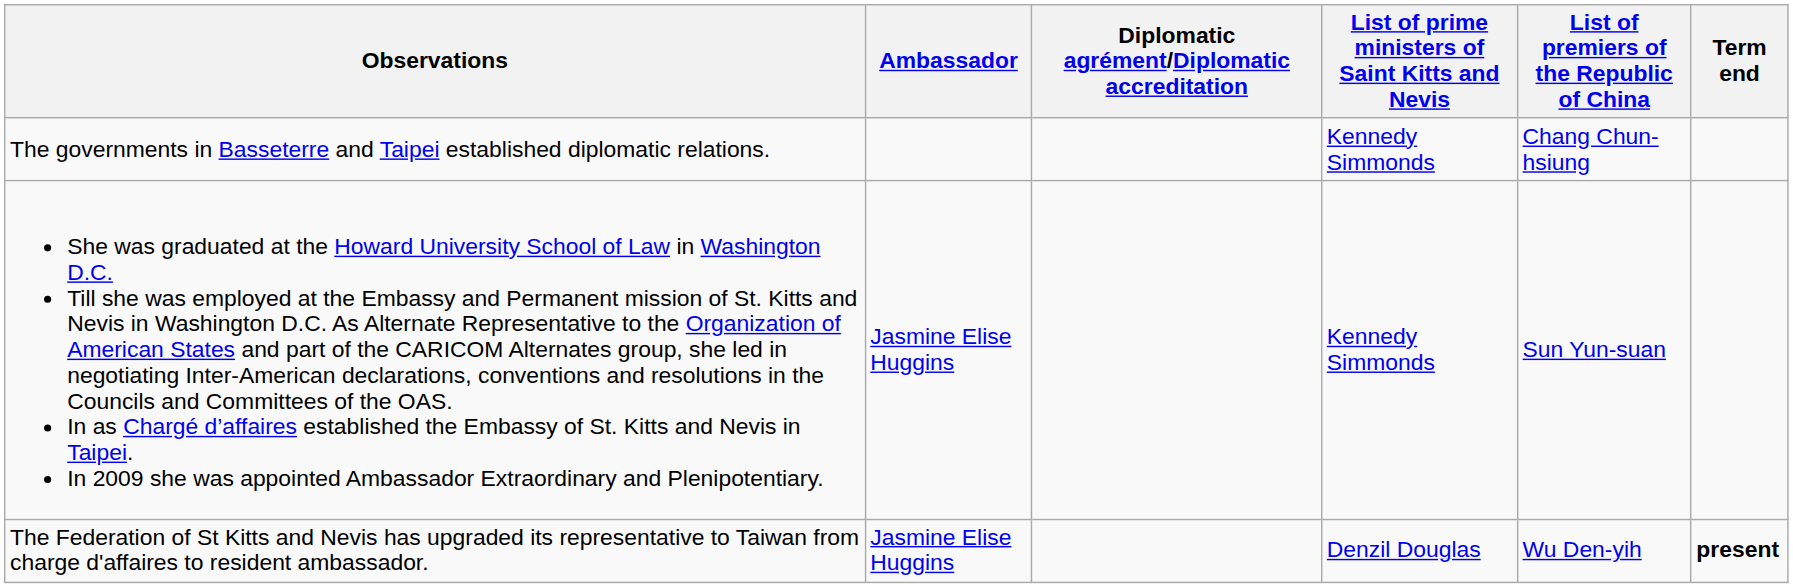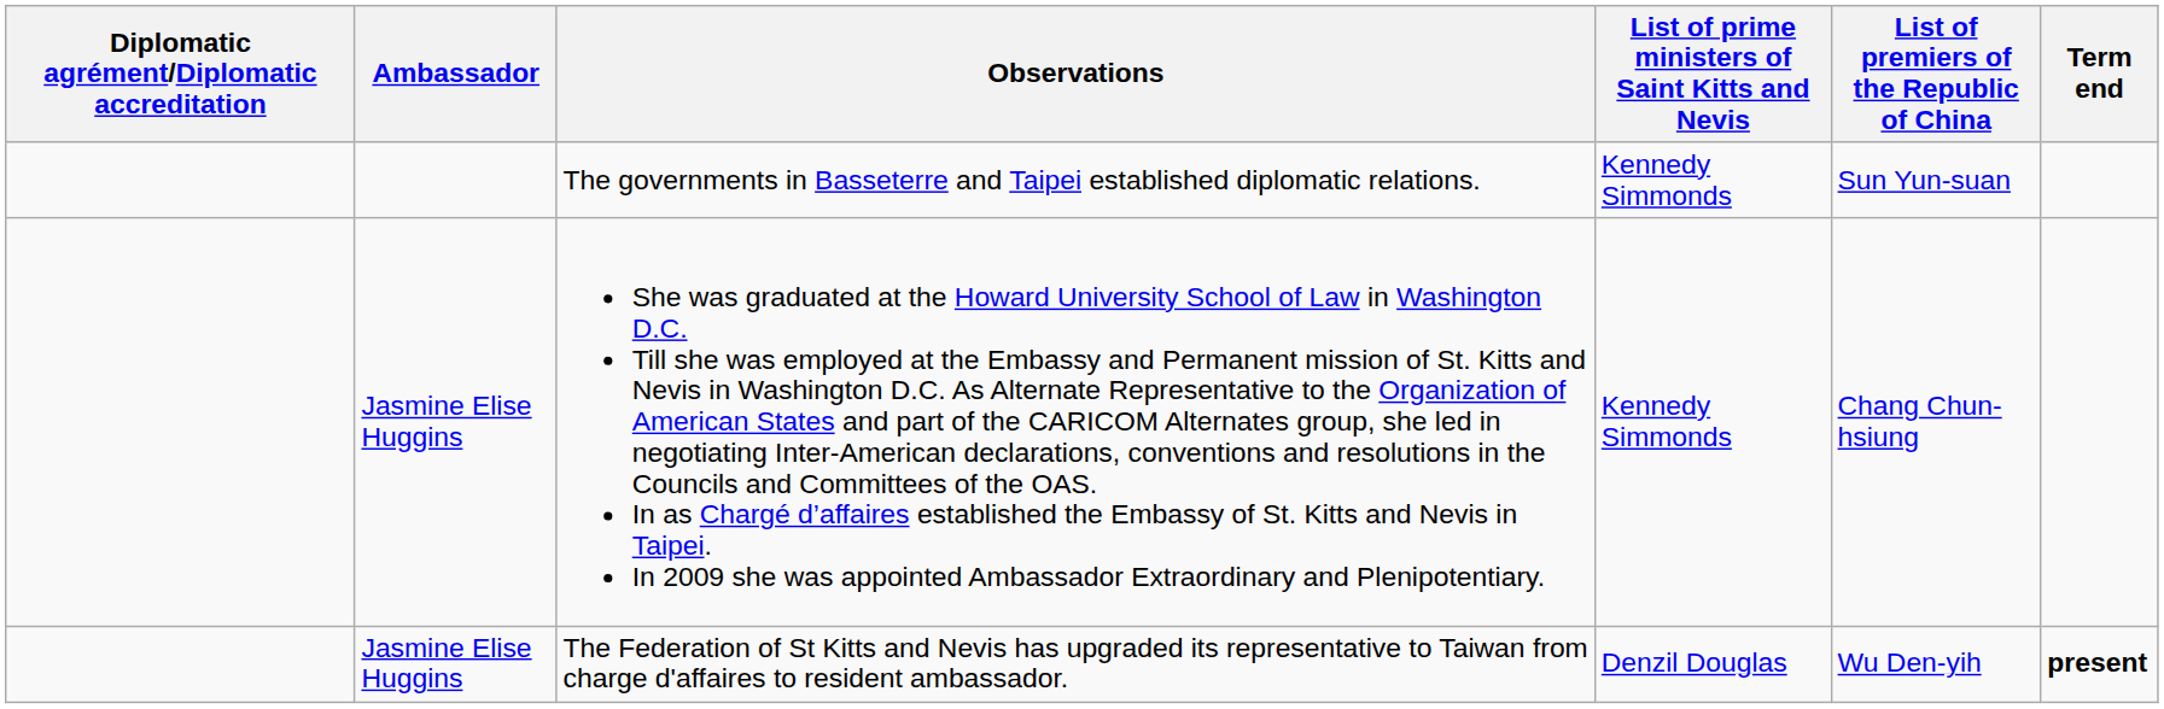 <table class="wikitable sortable">
 <tr>
+<th>Diplomatic <a href='#'>agrément</a>/<a href='#'>Diplomatic accreditation</a></th>
+<th><a href='#'>Ambassador</a></th>
 <th>Observations</th>
-<th><a href='#'>Ambassador</a></th>
-<th>Diplomatic <a href='#'>agrément</a>/<a href='#'>Diplomatic accreditation</a></th>
 <th><a href='#'>List of prime ministers of Saint Kitts and Nevis</a></th>
 <th><a href='#'>List of premiers of the Republic of China</a></th>
 <th>Term end</th>
 </tr>
 <tr>
-<td>The governments in <a href='#'>Basseterre</a> and <a href='#'>Taipei</a> established diplomatic relations.</td>
 <td></td>
 <td></td>
+<td>The governments in <a href='#'>Basseterre</a> and <a href='#'>Taipei</a> established diplomatic relations.</td>
+<td><a href='#'>Kennedy Simmonds</a></td>
+<td><a href='#'>Sun Yun-suan</a></td>
+<td></td>
+</tr>
+<tr>
+<td></td>
+<td><a href='#'>Jasmine Elise Huggins</a></td>
+<td><br><ul><li>She was graduated at the <a href='#'>Howard University School of Law</a> in <a href='#'>Washington D.C.</a></li><li>Till  she was employed at the Embassy and Permanent mission of St. Kitts and Nevis in Washington D.C. As Alternate Representative to the <a href='#'>Organization of American States</a> and part of the CARICOM Alternates group, she led in negotiating Inter-American declarations, conventions and resolutions in the Councils and Committees of the OAS.</li><li>In  as <a href='#'>Chargé d’affaires</a> established the Embassy of St. Kitts and Nevis in <a href='#'>Taipei</a>.</li><li>In 2009 she was appointed Ambassador Extraordinary and Plenipotentiary.</li></ul></td>
 <td><a href='#'>Kennedy Simmonds</a></td>
 <td><a href='#'>Chang Chun-hsiung</a></td>
 <td></td>
 </tr>
 <tr>
-<td><br><ul><li>She was graduated at the <a href='#'>Howard University School of Law</a> in <a href='#'>Washington D.C.</a></li><li>Till  she was employed at the Embassy and Permanent mission of St. Kitts and Nevis in Washington D.C. As Alternate Representative to the <a href='#'>Organization of American States</a> and part of the CARICOM Alternates group, she led in negotiating Inter-American declarations, conventions and resolutions in the Councils and Committees of the OAS.</li><li>In  as <a href='#'>Chargé d’affaires</a> established the Embassy of St. Kitts and Nevis in <a href='#'>Taipei</a>.</li><li>In 2009 she was appointed Ambassador Extraordinary and Plenipotentiary.</li></ul></td>
+<td></td>
 <td><a href='#'>Jasmine Elise Huggins</a></td>
-<td></td>
-<td><a href='#'>Kennedy Simmonds</a></td>
-<td><a href='#'>Sun Yun-suan</a></td>
-<td></td>
-</tr>
-<tr>
 <td>The Federation of St Kitts and Nevis has upgraded its representative to Taiwan from charge d'affaires to resident ambassador.</td>
-<td><a href='#'>Jasmine Elise Huggins</a></td>
-<td></td>
 <td><a href='#'>Denzil Douglas</a></td>
 <td><a href='#'>Wu Den-yih</a></td>
 <td><strong>present</strong></td>
 </tr>
 </table>
